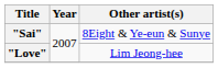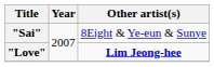 <table class="wikitable plainrowheaders" style="text-align:center;">
 <tr>
 <th scope="col">Title</th>
 <th scope="col">Year</th>
 <th scope="col">Other artist(s)</th>
 </tr>
 <tr>
 <th scope="row">"Sai"</th>
 <td rowspan="2">2007</td>
 <td><a href='#'>8Eight</a> & <a href='#'>Ye-eun</a> & <a href='#'>Sunye</a></td>
 </tr>
 <tr>
 <th scope="row">"Love"</th>
-<td><a href='#'>Lim Jeong-hee</a></td>
+<td><strong><a href='#'>Lim Jeong-hee</a></strong></td>
 </tr>
 <tr>
 </tr>
 </table>
